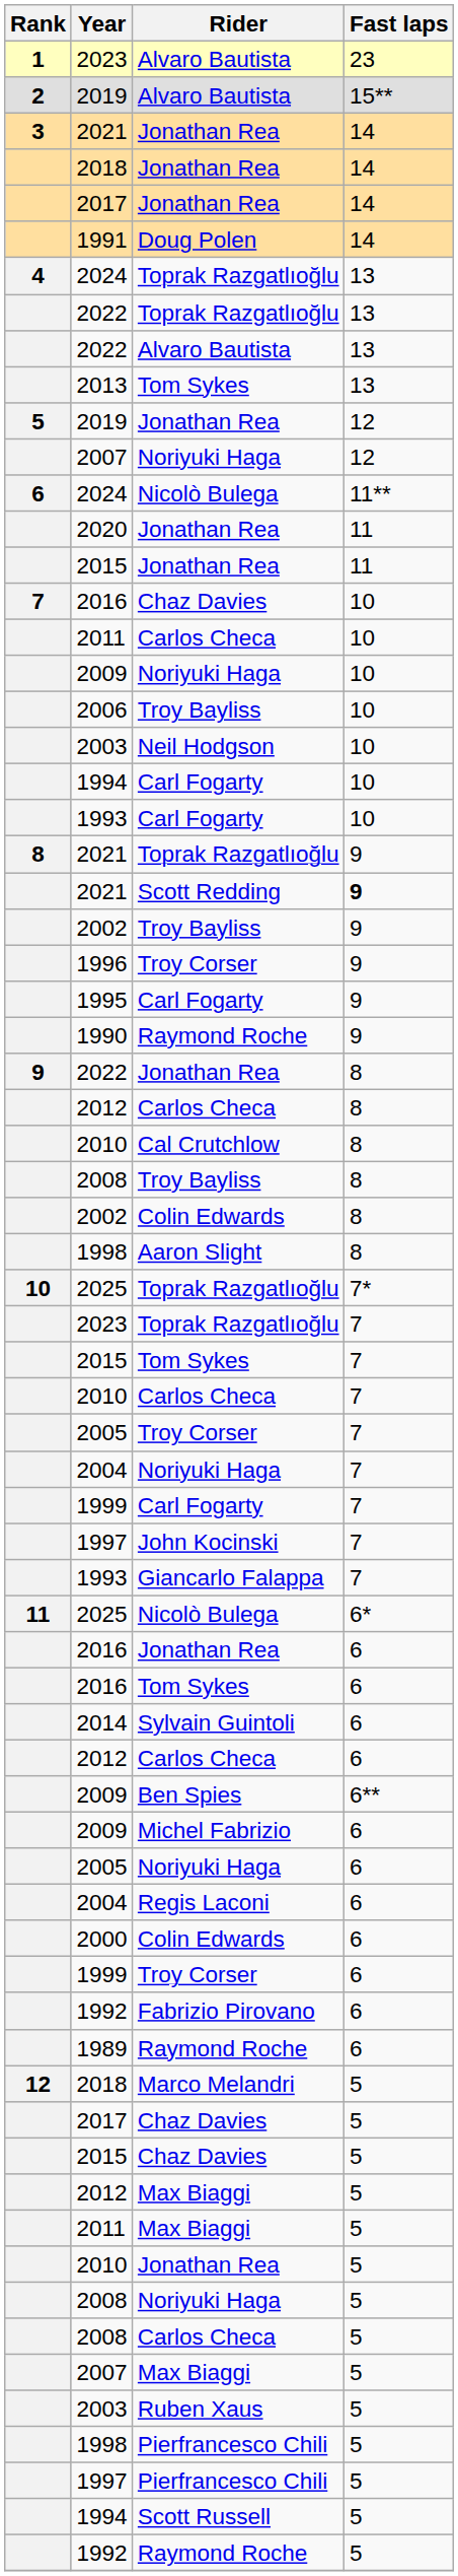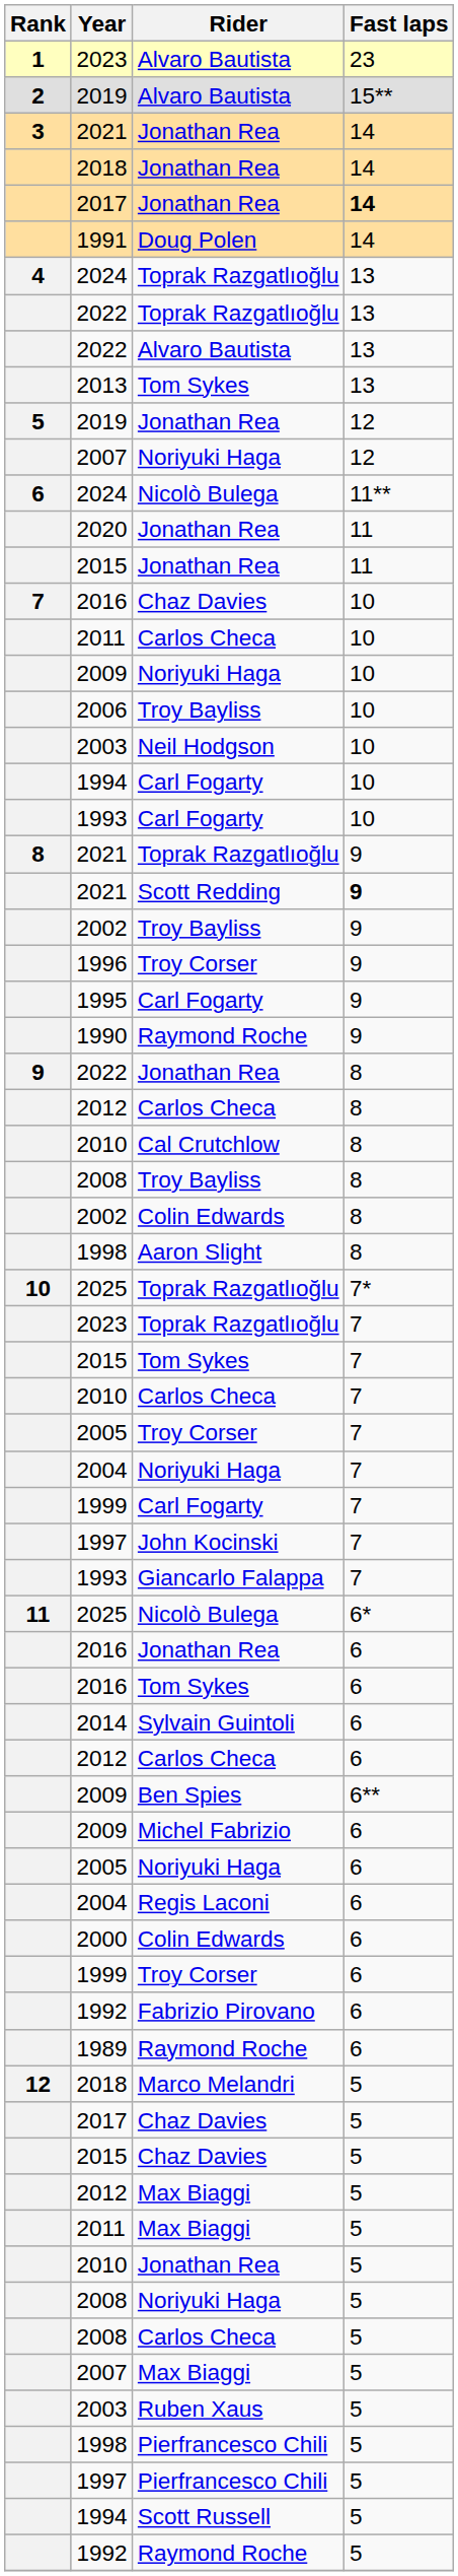 <table class="wikitable" style="font-size: 95%;">
 <tr>
 <th>Rank</th>
 <th>Year</th>
 <th>Rider</th>
 <th>Fast laps</th>
 </tr>
 <tr>
 <td style="background:#ffffbf;" align="center"><strong>1</strong></td>
 <td style="background:#ffffbf;">2023</td>
 <td style="background:#ffffbf;"> <a href='#'>Alvaro Bautista</a></td>
 <td style="background:#ffffbf;">23</td>
 </tr>
 <tr>
 <td style="background:#dfdfdf;" align="center"><strong>2</strong></td>
 <td style="background:#dfdfdf;">2019</td>
 <td style="background:#dfdfdf;"> <a href='#'>Alvaro Bautista</a></td>
 <td style="background:#dfdfdf;">15**</td>
 </tr>
 <tr>
 <td style="background:#ffdf9f;" align="center"><strong>3</strong></td>
 <td style="background:#ffdf9f;">2021</td>
 <td style="background:#ffdf9f;"> <a href='#'>Jonathan Rea</a></td>
 <td style="background:#ffdf9f;">14</td>
 </tr>
 <tr>
 <td style="background:#ffdf9f;" align="center"></td>
 <td style="background:#ffdf9f;">2018</td>
 <td style="background:#ffdf9f;"> <a href='#'>Jonathan Rea</a></td>
 <td style="background:#ffdf9f;">14</td>
 </tr>
 <tr>
 <td style="background:#ffdf9f;" align="center"></td>
 <td style="background:#ffdf9f;">2017</td>
 <td style="background:#ffdf9f;"> <a href='#'>Jonathan Rea</a></td>
-<td style="background:#ffdf9f;">14</td>
+<td style="background:#ffdf9f;"><strong>14</strong></td>
 </tr>
 <tr>
 <td style="background:#ffdf9f;" align="center"></td>
 <td style="background:#ffdf9f;">1991</td>
 <td style="background:#ffdf9f;"> <a href='#'>Doug Polen</a></td>
 <td style="background:#ffdf9f;">14</td>
 </tr>
 <tr>
 <th>4</th>
 <td>2024</td>
 <td> <a href='#'>Toprak Razgatlıoğlu</a></td>
 <td>13</td>
 </tr>
 <tr>
 <th></th>
 <td>2022</td>
 <td> <a href='#'>Toprak Razgatlıoğlu</a></td>
 <td>13</td>
 </tr>
 <tr>
 <th></th>
 <td>2022</td>
 <td> <a href='#'>Alvaro Bautista</a></td>
 <td>13</td>
 </tr>
 <tr>
 <th></th>
 <td>2013</td>
 <td> <a href='#'>Tom Sykes</a></td>
 <td>13</td>
 </tr>
 <tr>
 <th>5</th>
 <td>2019</td>
 <td> <a href='#'>Jonathan Rea</a></td>
 <td>12</td>
 </tr>
 <tr>
 <th></th>
 <td>2007</td>
 <td> <a href='#'>Noriyuki Haga</a></td>
 <td>12</td>
 </tr>
 <tr>
 <th>6</th>
 <td>2024</td>
 <td> <a href='#'>Nicolò Bulega</a></td>
 <td>11**</td>
 </tr>
 <tr>
 <th></th>
 <td>2020</td>
 <td> <a href='#'>Jonathan Rea</a></td>
 <td>11</td>
 </tr>
 <tr>
 <th></th>
 <td>2015</td>
 <td> <a href='#'>Jonathan Rea</a></td>
 <td>11</td>
 </tr>
 <tr>
 <th>7</th>
 <td>2016</td>
 <td> <a href='#'>Chaz Davies</a></td>
 <td>10</td>
 </tr>
 <tr>
 <th></th>
 <td>2011</td>
 <td> <a href='#'>Carlos Checa</a></td>
 <td>10</td>
 </tr>
 <tr>
 <th></th>
 <td>2009</td>
 <td> <a href='#'>Noriyuki Haga</a></td>
 <td>10</td>
 </tr>
 <tr>
 <th></th>
 <td>2006</td>
 <td> <a href='#'>Troy Bayliss</a></td>
 <td>10</td>
 </tr>
 <tr>
 <th></th>
 <td>2003</td>
 <td> <a href='#'>Neil Hodgson</a></td>
 <td>10</td>
 </tr>
 <tr>
 <th></th>
 <td>1994</td>
 <td> <a href='#'>Carl Fogarty</a></td>
 <td>10</td>
 </tr>
 <tr>
 <th></th>
 <td>1993</td>
 <td> <a href='#'>Carl Fogarty</a></td>
 <td>10</td>
 </tr>
 <tr>
 <th>8</th>
 <td>2021</td>
 <td> <a href='#'>Toprak Razgatlıoğlu</a></td>
 <td>9</td>
 </tr>
 <tr>
 <th></th>
 <td>2021</td>
 <td> <a href='#'>Scott Redding</a></td>
 <td><strong>9</strong></td>
 </tr>
 <tr>
 <th></th>
 <td>2002</td>
 <td> <a href='#'>Troy Bayliss</a></td>
 <td>9</td>
 </tr>
 <tr>
 <th></th>
 <td>1996</td>
 <td> <a href='#'>Troy Corser</a></td>
 <td>9</td>
 </tr>
 <tr>
 <th></th>
 <td>1995</td>
 <td> <a href='#'>Carl Fogarty</a></td>
 <td>9</td>
 </tr>
 <tr>
 <th></th>
 <td>1990</td>
 <td> <a href='#'>Raymond Roche</a></td>
 <td>9</td>
 </tr>
 <tr>
 <th>9</th>
 <td>2022</td>
 <td> <a href='#'>Jonathan Rea</a></td>
 <td>8</td>
 </tr>
 <tr>
 <th></th>
 <td>2012</td>
 <td> <a href='#'>Carlos Checa</a></td>
 <td>8</td>
 </tr>
 <tr>
 <th></th>
 <td>2010</td>
 <td> <a href='#'>Cal Crutchlow</a></td>
 <td>8</td>
 </tr>
 <tr>
 <th></th>
 <td>2008</td>
 <td> <a href='#'>Troy Bayliss</a></td>
 <td>8</td>
 </tr>
 <tr>
 <th></th>
 <td>2002</td>
 <td> <a href='#'>Colin Edwards</a></td>
 <td>8</td>
 </tr>
 <tr>
 <th></th>
 <td>1998</td>
 <td> <a href='#'>Aaron Slight</a></td>
 <td>8</td>
 </tr>
 <tr>
 <th>10</th>
 <td>2025</td>
 <td> <a href='#'>Toprak Razgatlıoğlu</a></td>
 <td>7*</td>
 </tr>
 <tr>
 <th></th>
 <td>2023</td>
 <td> <a href='#'>Toprak Razgatlıoğlu</a></td>
 <td>7</td>
 </tr>
 <tr>
 <th></th>
 <td>2015</td>
 <td> <a href='#'>Tom Sykes</a></td>
 <td>7</td>
 </tr>
 <tr>
 <th></th>
 <td>2010</td>
 <td> <a href='#'>Carlos Checa</a></td>
 <td>7</td>
 </tr>
 <tr>
 <th></th>
 <td>2005</td>
 <td> <a href='#'>Troy Corser</a></td>
 <td>7</td>
 </tr>
 <tr>
 <th></th>
 <td>2004</td>
 <td> <a href='#'>Noriyuki Haga</a></td>
 <td>7</td>
 </tr>
 <tr>
 <th></th>
 <td>1999</td>
 <td> <a href='#'>Carl Fogarty</a></td>
 <td>7</td>
 </tr>
 <tr>
 <th></th>
 <td>1997</td>
 <td> <a href='#'>John Kocinski</a></td>
 <td>7</td>
 </tr>
 <tr>
 <th></th>
 <td>1993</td>
 <td> <a href='#'>Giancarlo Falappa</a></td>
 <td>7</td>
 </tr>
 <tr>
 <th>11</th>
 <td>2025</td>
 <td> <a href='#'>Nicolò Bulega</a></td>
 <td>6*</td>
 </tr>
 <tr>
 <th></th>
 <td>2016</td>
 <td> <a href='#'>Jonathan Rea</a></td>
 <td>6</td>
 </tr>
 <tr>
 <th></th>
 <td>2016</td>
 <td> <a href='#'>Tom Sykes</a></td>
 <td>6</td>
 </tr>
 <tr>
 <th></th>
 <td>2014</td>
 <td> <a href='#'>Sylvain Guintoli</a></td>
 <td>6</td>
 </tr>
 <tr>
 <th></th>
 <td>2012</td>
 <td> <a href='#'>Carlos Checa</a></td>
 <td>6</td>
 </tr>
 <tr>
 <th></th>
 <td>2009</td>
 <td> <a href='#'>Ben Spies</a></td>
 <td>6**</td>
 </tr>
 <tr>
 <th></th>
 <td>2009</td>
 <td> <a href='#'>Michel Fabrizio</a></td>
 <td>6</td>
 </tr>
 <tr>
 <th></th>
 <td>2005</td>
 <td> <a href='#'>Noriyuki Haga</a></td>
 <td>6</td>
 </tr>
 <tr>
 <th></th>
 <td>2004</td>
 <td> <a href='#'>Regis Laconi</a></td>
 <td>6</td>
 </tr>
 <tr>
 <th></th>
 <td>2000</td>
 <td> <a href='#'>Colin Edwards</a></td>
 <td>6</td>
 </tr>
 <tr>
 <th></th>
 <td>1999</td>
 <td> <a href='#'>Troy Corser</a></td>
 <td>6</td>
 </tr>
 <tr>
 <th></th>
 <td>1992</td>
 <td> <a href='#'>Fabrizio Pirovano</a></td>
 <td>6</td>
 </tr>
 <tr>
 <th></th>
 <td>1989</td>
 <td> <a href='#'>Raymond Roche</a></td>
 <td>6</td>
 </tr>
 <tr>
 <th>12</th>
 <td>2018</td>
 <td> <a href='#'>Marco Melandri</a></td>
 <td>5</td>
 </tr>
 <tr>
 <th></th>
 <td>2017</td>
 <td> <a href='#'>Chaz Davies</a></td>
 <td>5</td>
 </tr>
 <tr>
 <th></th>
 <td>2015</td>
 <td> <a href='#'>Chaz Davies</a></td>
 <td>5</td>
 </tr>
 <tr>
 <th></th>
 <td>2012</td>
 <td> <a href='#'>Max Biaggi</a></td>
 <td>5</td>
 </tr>
 <tr>
 <th></th>
 <td>2011</td>
 <td> <a href='#'>Max Biaggi</a></td>
 <td>5</td>
 </tr>
 <tr>
 <th></th>
 <td>2010</td>
 <td> <a href='#'>Jonathan Rea</a></td>
 <td>5</td>
 </tr>
 <tr>
 <th></th>
 <td>2008</td>
 <td> <a href='#'>Noriyuki Haga</a></td>
 <td>5</td>
 </tr>
 <tr>
 <th></th>
 <td>2008</td>
 <td> <a href='#'>Carlos Checa</a></td>
 <td>5</td>
 </tr>
 <tr>
 <th></th>
 <td>2007</td>
 <td> <a href='#'>Max Biaggi</a></td>
 <td>5</td>
 </tr>
 <tr>
 <th></th>
 <td>2003</td>
 <td> <a href='#'>Ruben Xaus</a></td>
 <td>5</td>
 </tr>
 <tr>
 <th></th>
 <td>1998</td>
 <td> <a href='#'>Pierfrancesco Chili</a></td>
 <td>5</td>
 </tr>
 <tr>
 <th></th>
 <td>1997</td>
 <td> <a href='#'>Pierfrancesco Chili</a></td>
 <td>5</td>
 </tr>
 <tr>
 <th></th>
 <td>1994</td>
 <td> <a href='#'>Scott Russell</a></td>
 <td>5</td>
 </tr>
 <tr>
 <th></th>
 <td>1992</td>
 <td> <a href='#'>Raymond Roche</a></td>
 <td>5</td>
 </tr>
 <tr>
 </tr>
 </table>
